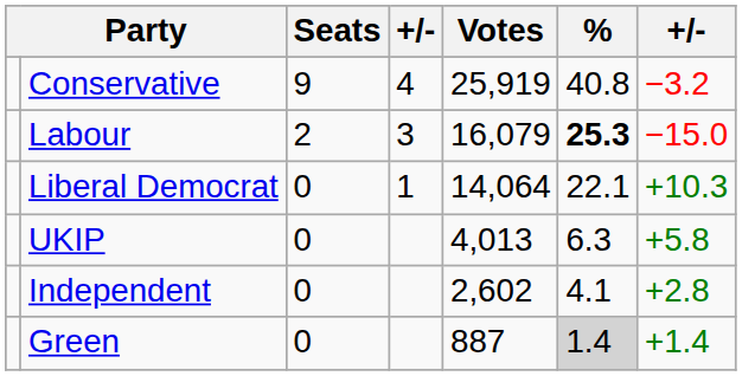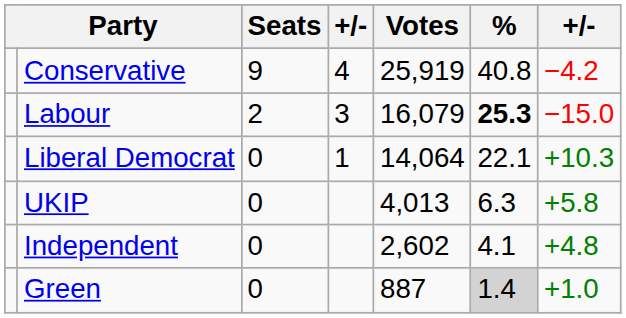 <table class="wikitable">
 <tr>
 <th colspan="2">Party</th>
 <th>Seats</th>
 <th>+/-</th>
 <th>Votes</th>
 <th>%</th>
 <th>+/-</th>
 </tr>
 <tr>
 <td style="background-color: "></td>
 <td><a href='#'>Conservative</a></td>
 <td>9</td>
 <td> 4</td>
 <td>25,919</td>
 <td>40.8</td>
-<td style="color:red">−3.2</td>
+<td style="color:red">−4.2</td>
 </tr>
 <tr>
 <td style="background-color: "></td>
 <td><a href='#'>Labour</a></td>
 <td>2</td>
 <td> 3</td>
 <td>16,079</td>
 <td><strong>25.3</strong></td>
 <td style="color:red">−15.0</td>
 </tr>
 <tr>
 <td style="background-color: "></td>
 <td><a href='#'>Liberal Democrat</a></td>
 <td>0</td>
 <td> 1</td>
 <td>14,064</td>
 <td>22.1</td>
 <td style="color:green">+10.3</td>
 </tr>
 <tr>
 <td style="background-color: "></td>
 <td><a href='#'>UKIP</a></td>
 <td>0</td>
 <td></td>
 <td>4,013</td>
 <td>6.3</td>
 <td style="color:green">+5.8</td>
 </tr>
 <tr>
 <td style="background-color: "></td>
 <td><a href='#'>Independent</a></td>
 <td>0</td>
 <td></td>
 <td>2,602</td>
 <td>4.1</td>
-<td style="color:green">+2.8</td>
+<td style="color:green">+4.8</td>
 </tr>
 <tr>
 <td style="background-color: "></td>
 <td><a href='#'>Green</a></td>
 <td>0</td>
 <td></td>
 <td>887</td>
 <td style="background: lightgrey;">1.4</td>
-<td style="color:green">+1.4</td>
+<td style="color:green">+1.0</td>
 </tr>
 </table>
